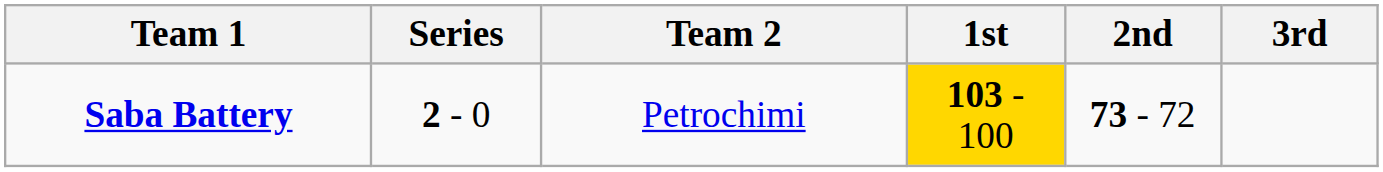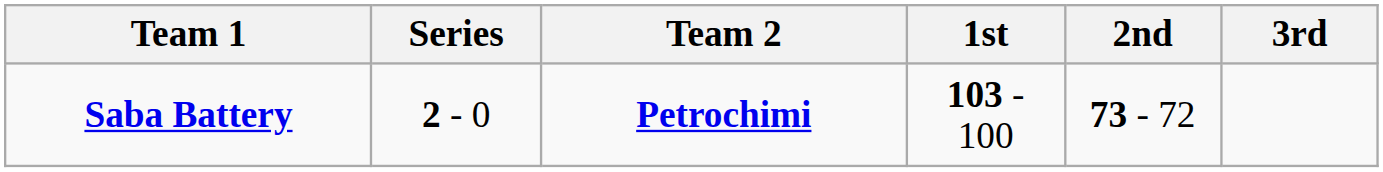 <table class="wikitable" style="text-align:center">
 <tr>
 <th width=150>Team 1</th>
 <th width=65>Series</th>
 <th width=150>Team 2</th>
 <th width=60>1st</th>
 <th width=60>2nd</th>
 <th width=60>3rd</th>
 </tr>
 <tr>
 <td><strong><a href='#'>Saba Battery</a></strong></td>
 <td><strong>2</strong> - 0</td>
-<td><a href='#'>Petrochimi</a></td>
-<td style="background: gold;"><strong>103</strong> - 100</td>
+<td><strong><a href='#'>Petrochimi</a></strong></td>
+<td><strong>103</strong> - 100</td>
 <td><strong>73</strong> - 72</td>
 </tr>
 </table>
